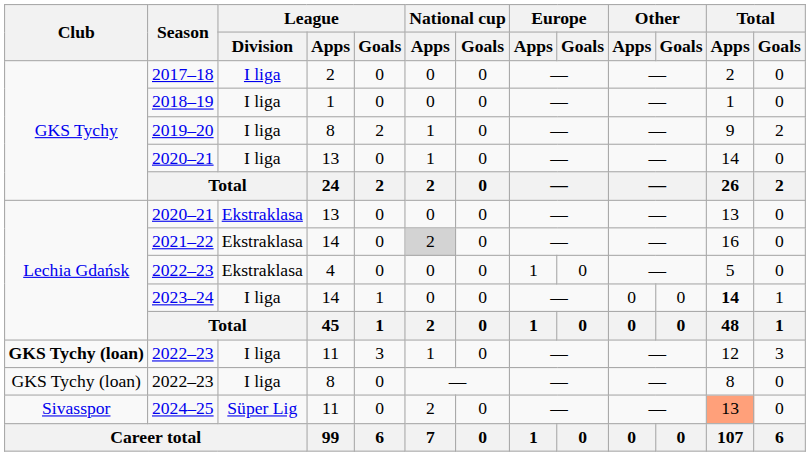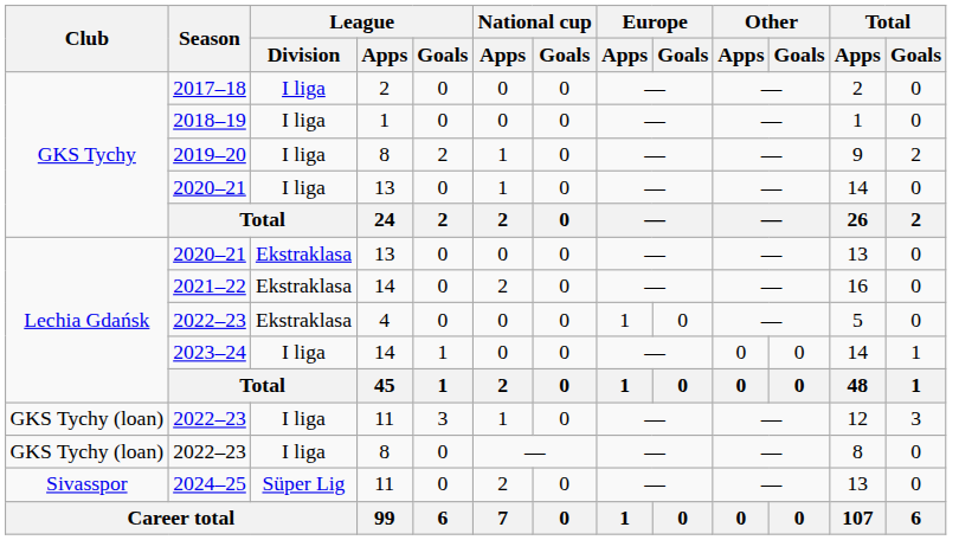 <table class="wikitable" style="text-align: center;">
 <tr>
 <th rowspan="2">Club</th>
 <th rowspan="2">Season</th>
 <th colspan="3">League</th>
 <th colspan="2">National cup</th>
 <th colspan="2">Europe</th>
 <th colspan="2">Other</th>
 <th colspan="2">Total</th>
 </tr>
 <tr>
 <th>Division</th>
 <th>Apps</th>
 <th>Goals</th>
 <th>Apps</th>
 <th>Goals</th>
 <th>Apps</th>
 <th>Goals</th>
 <th>Apps</th>
 <th>Goals</th>
 <th>Apps</th>
 <th>Goals</th>
 </tr>
 <tr>
 <td rowspan="5"><a href='#'>GKS Tychy</a></td>
 <td><a href='#'>2017–18</a></td>
 <td><a href='#'>I liga</a></td>
 <td>2</td>
 <td>0</td>
 <td>0</td>
 <td>0</td>
 <td colspan="2">—</td>
 <td colspan="2">—</td>
 <td>2</td>
 <td>0</td>
 </tr>
 <tr>
 <td><a href='#'>2018–19</a></td>
 <td>I liga</td>
 <td>1</td>
 <td>0</td>
 <td>0</td>
 <td>0</td>
 <td colspan="2">—</td>
 <td colspan="2">—</td>
 <td>1</td>
 <td>0</td>
 </tr>
 <tr>
 <td><a href='#'>2019–20</a></td>
 <td>I liga</td>
 <td>8</td>
 <td>2</td>
 <td>1</td>
 <td>0</td>
 <td colspan="2">—</td>
 <td colspan="2">—</td>
 <td>9</td>
 <td>2</td>
 </tr>
 <tr>
 <td><a href='#'>2020–21</a></td>
 <td>I liga</td>
 <td>13</td>
 <td>0</td>
 <td>1</td>
 <td>0</td>
 <td colspan="2">—</td>
 <td colspan="2">—</td>
 <td>14</td>
 <td>0</td>
 </tr>
 <tr>
 <th colspan="2">Total</th>
 <th>24</th>
 <th>2</th>
 <th>2</th>
 <th>0</th>
 <th colspan="2">—</th>
 <th colspan="2">—</th>
 <th>26</th>
 <th>2</th>
 </tr>
 <tr>
 <td rowspan="5"><a href='#'>Lechia Gdańsk</a></td>
 <td><a href='#'>2020–21</a></td>
 <td><a href='#'>Ekstraklasa</a></td>
 <td>13</td>
 <td>0</td>
 <td>0</td>
 <td>0</td>
 <td colspan="2">—</td>
 <td colspan="2">—</td>
 <td>13</td>
 <td>0</td>
 </tr>
 <tr>
 <td><a href='#'>2021–22</a></td>
 <td>Ekstraklasa</td>
 <td>14</td>
 <td>0</td>
-<td style="background: lightgrey;">2</td>
+<td>2</td>
 <td>0</td>
 <td colspan="2">—</td>
 <td colspan="2">—</td>
 <td>16</td>
 <td>0</td>
 </tr>
 <tr>
 <td><a href='#'>2022–23</a></td>
 <td>Ekstraklasa</td>
 <td>4</td>
 <td>0</td>
 <td>0</td>
 <td>0</td>
 <td>1</td>
 <td>0</td>
 <td colspan="2">—</td>
 <td>5</td>
 <td>0</td>
 </tr>
 <tr>
 <td><a href='#'>2023–24</a></td>
 <td>I liga</td>
 <td>14</td>
 <td>1</td>
 <td>0</td>
 <td>0</td>
 <td colspan="2">—</td>
 <td>0</td>
 <td>0</td>
-<td><strong>14</strong></td>
+<td>14</td>
 <td>1</td>
 </tr>
 <tr>
 <th colspan="2">Total</th>
 <th>45</th>
 <th>1</th>
 <th>2</th>
 <th>0</th>
 <th>1</th>
 <th>0</th>
 <th>0</th>
 <th>0</th>
 <th>48</th>
 <th>1</th>
 </tr>
 <tr>
-<td><strong>GKS Tychy (loan)</strong></td>
+<td>GKS Tychy (loan)</td>
 <td><a href='#'>2022–23</a></td>
 <td>I liga</td>
 <td>11</td>
 <td>3</td>
 <td>1</td>
 <td>0</td>
 <td colspan="2">—</td>
 <td colspan="2">—</td>
 <td>12</td>
 <td>3</td>
 </tr>
 <tr>
 <td>GKS Tychy (loan)</td>
 <td>2022–23</td>
 <td>I liga</td>
 <td>8</td>
 <td>0</td>
 <td colspan="2">—</td>
 <td colspan="2">—</td>
 <td colspan="2">—</td>
 <td>8</td>
 <td>0</td>
 </tr>
 <tr>
 <td><a href='#'>Sivasspor</a></td>
 <td><a href='#'>2024–25</a></td>
 <td><a href='#'>Süper Lig</a></td>
 <td>11</td>
 <td>0</td>
 <td>2</td>
 <td>0</td>
 <td colspan="2">—</td>
 <td colspan="2">—</td>
-<td style="background: lightsalmon;">13</td>
+<td>13</td>
 <td>0</td>
 </tr>
 <tr>
 <th colspan="3">Career total</th>
 <th>99</th>
 <th>6</th>
 <th>7</th>
 <th>0</th>
 <th>1</th>
 <th>0</th>
 <th>0</th>
 <th>0</th>
 <th>107</th>
 <th>6</th>
 </tr>
 </table>
